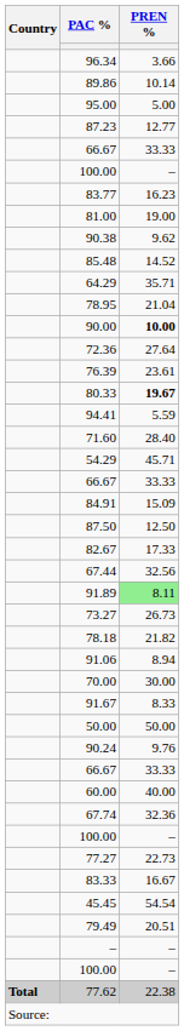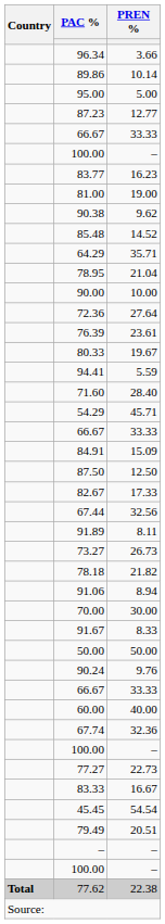 <table class="wikitable sortable" style="text-align:right; font-size:95%">
 <tr>
 <th rowspan=2>Country</th>
 <th width=60px><a href='#'>PAC</a> %</th>
 <th width=60px><a href='#'>PREN</a> %</th>
 </tr>
 <tr>
 <th style="background:"></th>
 <th style="background:"></th>
 </tr>
 <tr>
 <td align="left"></td>
 <td style="background:">96.34</td>
 <td>3.66</td>
 </tr>
 <tr>
 <td align="left"></td>
 <td style="background:">89.86</td>
 <td>10.14</td>
 </tr>
 <tr>
 <td align="left"></td>
 <td style="background:">95.00</td>
 <td>5.00</td>
 </tr>
 <tr>
 <td align="left"></td>
 <td style="background:">87.23</td>
 <td>12.77</td>
 </tr>
 <tr>
 <td align="left"></td>
 <td style="background:">66.67</td>
 <td>33.33</td>
 </tr>
 <tr>
 <td align="left"></td>
 <td style="background:">100.00</td>
 <td>–</td>
 </tr>
 <tr>
 <td align="left"></td>
 <td style="background:">83.77</td>
 <td>16.23</td>
 </tr>
 <tr>
 <td align="left"></td>
 <td style="background:">81.00</td>
 <td>19.00</td>
 </tr>
 <tr>
 <td align="left"></td>
 <td style="background:">90.38</td>
 <td>9.62</td>
 </tr>
 <tr>
 <td align="left"></td>
 <td style="background:">85.48</td>
 <td>14.52</td>
 </tr>
 <tr>
 <td align="left"></td>
 <td style="background:">64.29</td>
 <td>35.71</td>
 </tr>
 <tr>
 <td align="left"></td>
 <td style="background:">78.95</td>
 <td>21.04</td>
 </tr>
 <tr>
 <td align="left"></td>
 <td style="background:">90.00</td>
-<td><strong>10.00</strong></td>
+<td>10.00</td>
 </tr>
 <tr>
 <td align="left"></td>
 <td style="background:">72.36</td>
 <td>27.64</td>
 </tr>
 <tr>
 <td align="left"></td>
 <td style="background:">76.39</td>
 <td>23.61</td>
 </tr>
 <tr>
 <td align="left"></td>
 <td style="background:">80.33</td>
-<td><strong>19.67</strong></td>
+<td>19.67</td>
 </tr>
 <tr>
 <td align="left"></td>
 <td style="background:">94.41</td>
 <td>5.59</td>
 </tr>
 <tr>
 <td align="left"></td>
 <td style="background:">71.60</td>
 <td>28.40</td>
 </tr>
 <tr>
 <td align="left"></td>
 <td style="background:">54.29</td>
 <td>45.71</td>
 </tr>
 <tr>
 <td align="left"></td>
 <td style="background:">66.67</td>
 <td>33.33</td>
 </tr>
 <tr>
 <td align="left"></td>
 <td style="background:">84.91</td>
 <td>15.09</td>
 </tr>
 <tr>
 <td align="left"></td>
 <td style="background:">87.50</td>
 <td>12.50</td>
 </tr>
 <tr>
 <td align="left"></td>
 <td style="background:">82.67</td>
 <td>17.33</td>
 </tr>
 <tr>
 <td align="left"></td>
 <td style="background:">67.44</td>
 <td>32.56</td>
 </tr>
 <tr>
 <td align="left"></td>
 <td style="background:">91.89</td>
-<td style="background: lightgreen;">8.11</td>
+<td>8.11</td>
 </tr>
 <tr>
 <td align="left"></td>
 <td style="background:">73.27</td>
 <td>26.73</td>
 </tr>
 <tr>
 <td align="left"></td>
 <td style="background:">78.18</td>
 <td>21.82</td>
 </tr>
 <tr>
 <td align="left"></td>
 <td style="background:">91.06</td>
 <td>8.94</td>
 </tr>
 <tr>
 <td align="left"></td>
 <td style="background:">70.00</td>
 <td>30.00</td>
 </tr>
 <tr>
 <td align="left"></td>
 <td style="background:">91.67</td>
 <td>8.33</td>
 </tr>
 <tr>
 <td align="left"></td>
 <td style="background:">50.00</td>
 <td style="background:">50.00</td>
 </tr>
 <tr>
 <td align="left"></td>
 <td style="background:">90.24</td>
 <td>9.76</td>
 </tr>
 <tr>
 <td align="left"></td>
 <td style="background:">66.67</td>
 <td>33.33</td>
 </tr>
 <tr>
 <td align="left"></td>
 <td style="background:">60.00</td>
 <td>40.00</td>
 </tr>
 <tr>
 <td align="left"></td>
 <td style="background:">67.74</td>
 <td>32.36</td>
 </tr>
 <tr>
 <td align="left"></td>
 <td style="background:">100.00</td>
 <td>–</td>
 </tr>
 <tr>
 <td align="left"></td>
 <td style="background:">77.27</td>
 <td>22.73</td>
 </tr>
 <tr>
 <td align="left"></td>
 <td style="background:">83.33</td>
 <td>16.67</td>
 </tr>
 <tr>
 <td align="left"></td>
 <td>45.45</td>
 <td style="background:">54.54</td>
 </tr>
 <tr>
 <td align="left"></td>
 <td style="background:">79.49</td>
 <td>20.51</td>
 </tr>
 <tr>
 <td align="left"></td>
 <td>–</td>
 <td>–</td>
 </tr>
 <tr>
 <td align="left"></td>
 <td style="background:">100.00</td>
 <td>–</td>
 </tr>
 <tr style="background:#CDCDCD;">
 <td align="left"><strong>Total</strong></td>
 <td style="background:">77.62</td>
 <td>22.38</td>
 </tr>
 <tr>
 <td align=left colspan=11>Source:  </td>
 </tr>
 </table>
